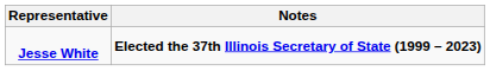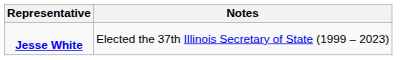 <table class="wikitable" style="text-align:center">
 <tr>
 <th>Representative</th>
 <th>Notes</th>
 </tr>
 <tr>
 <td align=center><br><strong><a href='#'>Jesse White</a></strong></td>
-<td><strong>Elected the 37th <a href='#'>Illinois Secretary of State</a> (1999 – 2023)</strong></td>
+<td>Elected the 37th <a href='#'>Illinois Secretary of State</a> (1999 – 2023)</td>
 </tr>
 </table>
